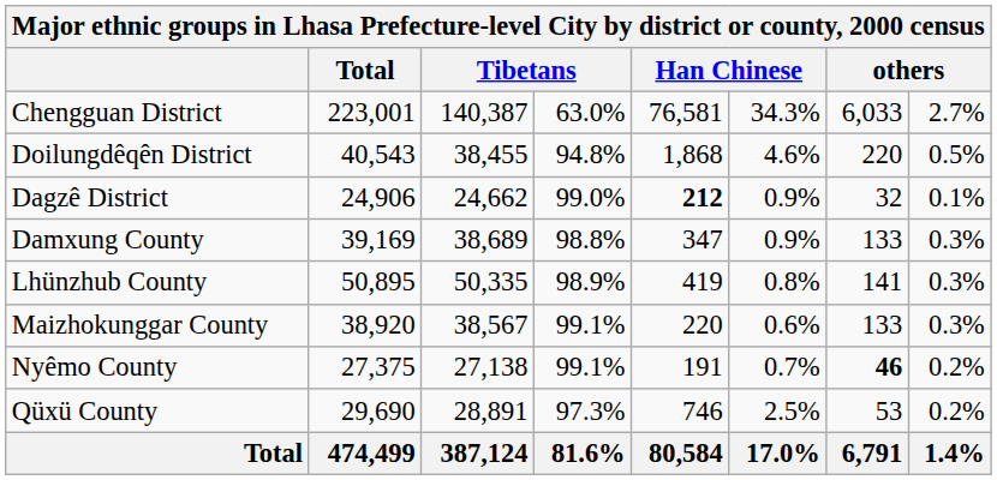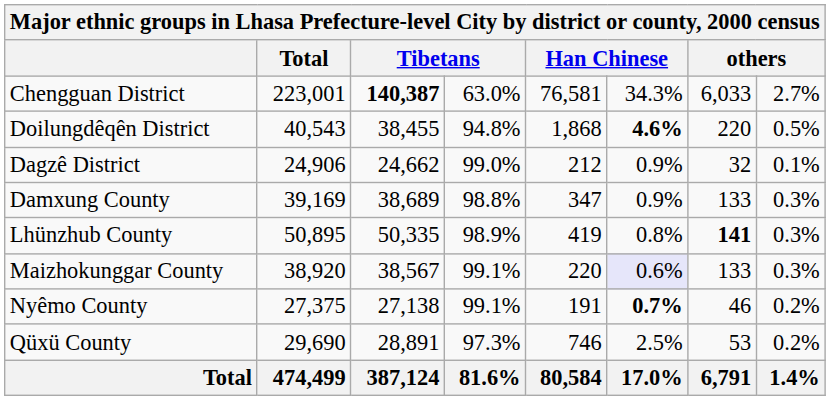 <table class="wikitable sortable">
 <tr>
 <th style="text-align:center;" colspan="8">Major ethnic groups in Lhasa Prefecture-level City by district or county, 2000 census</th>
 </tr>
 <tr>
 <th></th>
 <th>Total</th>
 <th colspan = 2><a href='#'>Tibetans</a></th>
 <th colspan = 2><a href='#'>Han Chinese</a></th>
 <th colspan = 2>others</th>
 </tr>
 <tr>
 <td>Chengguan District</td>
 <td style="text-align:right">223,001</td>
-<td style="text-align:right">140,387</td>
+<td style="text-align:right"><strong>140,387</strong></td>
 <td style="text-align:right">63.0%</td>
 <td style="text-align:right">76,581</td>
 <td style="text-align:right">34.3%</td>
 <td style="text-align:right">6,033</td>
 <td style="text-align:right">2.7%</td>
 </tr>
 <tr>
 <td>Doilungdêqên District</td>
 <td style="text-align:right">40,543</td>
 <td style="text-align:right">38,455</td>
 <td style="text-align:right">94.8%</td>
 <td style="text-align:right">1,868</td>
-<td style="text-align:right">4.6%</td>
+<td style="text-align:right"><strong>4.6%</strong></td>
 <td style="text-align:right">220</td>
 <td style="text-align:right">0.5%</td>
 </tr>
 <tr>
 <td>Dagzê District</td>
 <td style="text-align:right">24,906</td>
 <td style="text-align:right">24,662</td>
 <td style="text-align:right">99.0%</td>
-<td style="text-align:right"><strong>212</strong></td>
+<td style="text-align:right">212</td>
 <td style="text-align:right">0.9%</td>
 <td style="text-align:right">32</td>
 <td style="text-align:right">0.1%</td>
 </tr>
 <tr>
 <td>Damxung County</td>
 <td style="text-align:right">39,169</td>
 <td style="text-align:right">38,689</td>
 <td style="text-align:right">98.8%</td>
 <td style="text-align:right">347</td>
 <td style="text-align:right">0.9%</td>
 <td style="text-align:right">133</td>
 <td style="text-align:right">0.3%</td>
 </tr>
 <tr>
 <td>Lhünzhub County</td>
 <td style="text-align:right">50,895</td>
 <td style="text-align:right">50,335</td>
 <td style="text-align:right">98.9%</td>
 <td style="text-align:right">419</td>
 <td style="text-align:right">0.8%</td>
-<td style="text-align:right">141</td>
+<td style="text-align:right"><strong>141</strong></td>
 <td style="text-align:right">0.3%</td>
 </tr>
 <tr>
 <td>Maizhokunggar County</td>
 <td style="text-align:right">38,920</td>
 <td style="text-align:right">38,567</td>
 <td style="text-align:right">99.1%</td>
 <td style="text-align:right">220</td>
-<td style="text-align:right">0.6%</td>
+<td style="background: lavender; text-align:right">0.6%</td>
 <td style="text-align:right">133</td>
 <td style="text-align:right">0.3%</td>
 </tr>
 <tr>
 <td>Nyêmo County</td>
 <td style="text-align:right">27,375</td>
 <td style="text-align:right">27,138</td>
 <td style="text-align:right">99.1%</td>
 <td style="text-align:right">191</td>
-<td style="text-align:right">0.7%</td>
-<td style="text-align:right"><strong>46</strong></td>
+<td style="text-align:right"><strong>0.7%</strong></td>
+<td style="text-align:right">46</td>
 <td style="text-align:right">0.2%</td>
 </tr>
 <tr>
 <td>Qüxü County</td>
 <td style="text-align:right">29,690</td>
 <td style="text-align:right">28,891</td>
 <td style="text-align:right">97.3%</td>
 <td style="text-align:right">746</td>
 <td style="text-align:right">2.5%</td>
 <td style="text-align:right">53</td>
 <td style="text-align:right">0.2%</td>
 </tr>
 <tr>
 <th style="text-align:right">Total</th>
 <th style="text-align:right">474,499</th>
 <th style="text-align:right">387,124</th>
 <th style="text-align:right">81.6%</th>
 <th style="text-align:right">80,584</th>
 <th style="text-align:right">17.0%</th>
 <th style="text-align:right">6,791</th>
 <th style="text-align:right">1.4%</th>
 </tr>
 </table>
